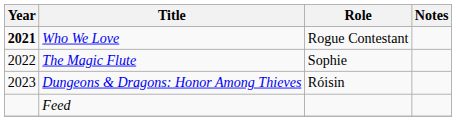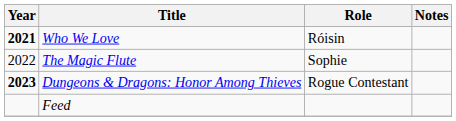 <table class="wikitable sortable">
 <tr>
 <th>Year</th>
 <th>Title</th>
 <th>Role</th>
 <th class="unsortable">Notes</th>
 </tr>
 <tr>
 <td><strong>2021</strong></td>
 <td><em><a href='#'>Who We Love</a></em></td>
-<td>Rogue Contestant</td>
+<td>Róisin</td>
 <td></td>
 </tr>
 <tr>
 <td>2022</td>
 <td><em><a href='#'>The Magic Flute</a></em></td>
 <td>Sophie</td>
 <td></td>
 </tr>
 <tr>
-<td>2023</td>
+<td><strong>2023</strong></td>
 <td><em><a href='#'>Dungeons & Dragons: Honor Among Thieves</a></em></td>
-<td>Róisin</td>
+<td>Rogue Contestant</td>
 <td></td>
 </tr>
 <tr>
 <td></td>
 <td><em>Feed</em></td>
 <td></td>
 <td></td>
 </tr>
 <tr>
 </tr>
 </table>
